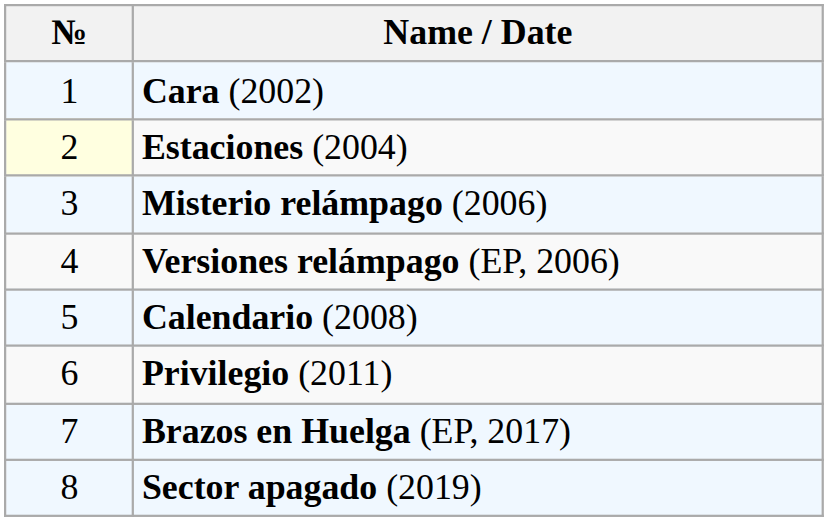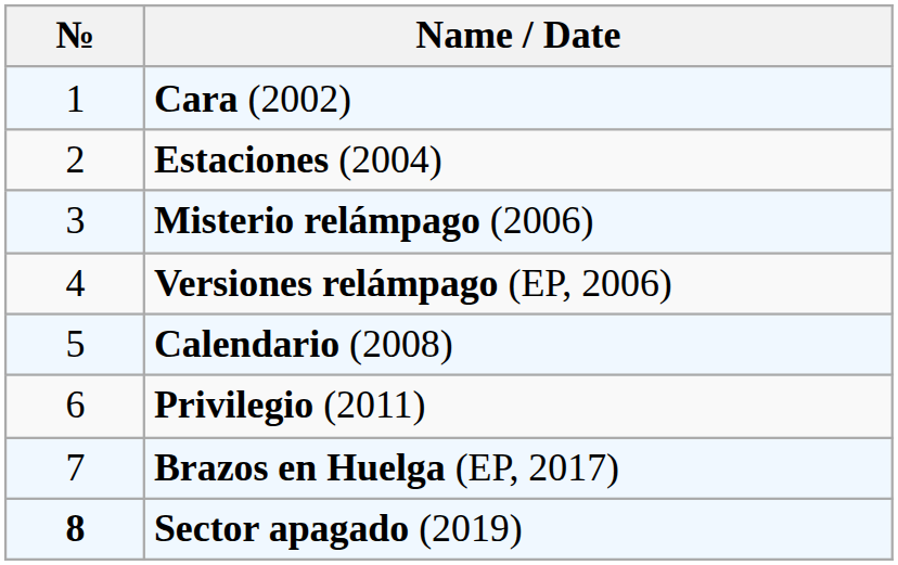 <table class="wikitable sortable">
 <tr>
 <th align="left" width="50px">№</th>
 <th align="left" width="300px">Name / Date</th>
 </tr>
 <tr bgcolor="#F0F8FF">
 <td align="center">1</td>
 <td align="left"><strong>Cara</strong> (2002)</td>
 </tr>
 <tr>
-<td align="center" style="background: lightyellow;">2</td>
+<td align="center">2</td>
 <td align="left"><strong>Estaciones</strong> (2004)</td>
 </tr>
 <tr bgcolor="#F0F8FF">
 <td align="center">3</td>
 <td align="left"><strong>Misterio relámpago</strong> (2006)</td>
 </tr>
 <tr>
 <td align="center">4</td>
 <td align="left"><strong>Versiones relámpago</strong> (EP, 2006)</td>
 </tr>
 <tr bgcolor="#F0F8FF">
 <td align="center">5</td>
 <td align="left"><strong>Calendario</strong> (2008)</td>
 </tr>
 <tr>
 <td align="center">6</td>
 <td align="left"><strong>Privilegio</strong> (2011)</td>
 </tr>
 <tr bgcolor="#F0F8FF">
 <td align="center">7</td>
 <td align="left"><strong>Brazos en Huelga</strong> (EP, 2017)</td>
 </tr>
 <tr bgcolor="#F0F8FF">
-<td align="center">8</td>
+<td align="center"><strong>8</strong></td>
 <td align="left"><strong>Sector apagado</strong> (2019)</td>
 </tr>
 </table>
